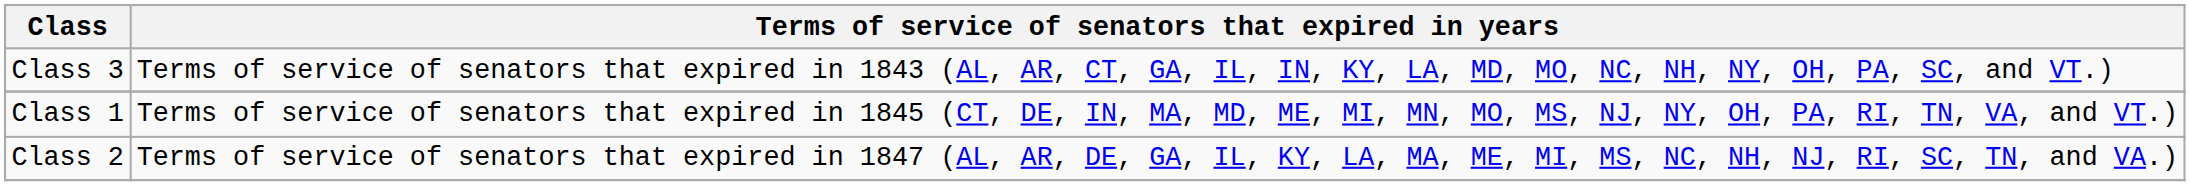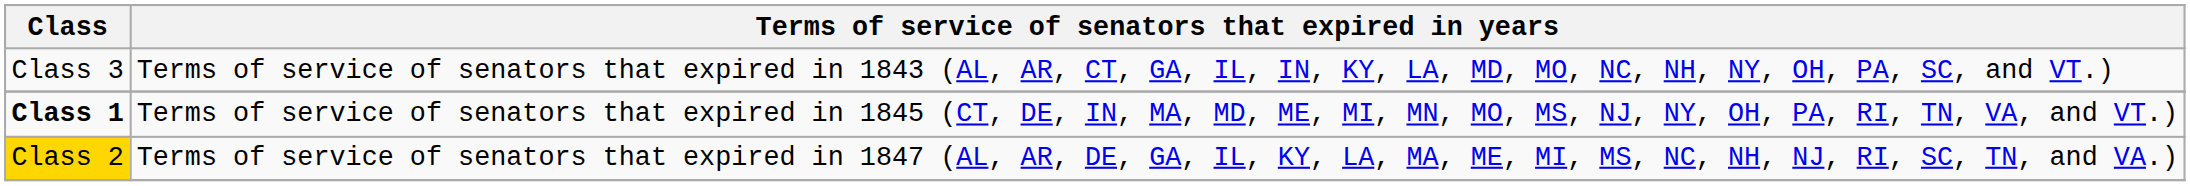 <table class="wikitable sortable">
 <tr valign=bottom>
 <th>Class</th>
 <th>Terms of service of senators that expired in years</th>
 </tr>
 <tr>
 <td>Class 3</td>
 <td>Terms of service of senators that expired in 1843 (<a href='#'>AL</a>, <a href='#'>AR</a>, <a href='#'>CT</a>, <a href='#'>GA</a>, <a href='#'>IL</a>, <a href='#'>IN</a>, <a href='#'>KY</a>, <a href='#'>LA</a>, <a href='#'>MD</a>, <a href='#'>MO</a>, <a href='#'>NC</a>, <a href='#'>NH</a>, <a href='#'>NY</a>, <a href='#'>OH</a>, <a href='#'>PA</a>, <a href='#'>SC</a>, and <a href='#'>VT</a>.)</td>
 </tr>
 <tr>
 </tr>
 <tr>
-<td>Class 1</td>
+<td><strong>Class 1</strong></td>
 <td>Terms of service of senators that expired in 1845 (<a href='#'>CT</a>, <a href='#'>DE</a>, <a href='#'>IN</a>, <a href='#'>MA</a>, <a href='#'>MD</a>, <a href='#'>ME</a>,  <a href='#'>MI</a>, <a href='#'>MN</a>, <a href='#'>MO</a>, <a href='#'>MS</a>, <a href='#'>NJ</a>, <a href='#'>NY</a>, <a href='#'>OH</a>, <a href='#'>PA</a>, <a href='#'>RI</a>, <a href='#'>TN</a>, <a href='#'>VA</a>, and <a href='#'>VT</a>.)</td>
 </tr>
 <tr>
-<td>Class 2</td>
+<td style="background: gold;">Class 2</td>
 <td>Terms of service of senators that expired in 1847 (<a href='#'>AL</a>, <a href='#'>AR</a>, <a href='#'>DE</a>, <a href='#'>GA</a>, <a href='#'>IL</a>, <a href='#'>KY</a>, <a href='#'>LA</a>, <a href='#'>MA</a>, <a href='#'>ME</a>, <a href='#'>MI</a>, <a href='#'>MS</a>, <a href='#'>NC</a>, <a href='#'>NH</a>, <a href='#'>NJ</a>, <a href='#'>RI</a>, <a href='#'>SC</a>, <a href='#'>TN</a>, and <a href='#'>VA</a>.)</td>
 </tr>
 <tr>
 </tr>
 </table>
